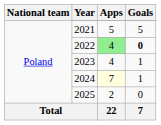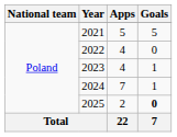 <table class="wikitable" style="text-align:center">
 <tr>
 <th>National team</th>
 <th>Year</th>
 <th>Apps</th>
 <th>Goals</th>
 </tr>
 <tr>
 <td rowspan="6"><a href='#'>Poland</a></td>
 </tr>
 <tr>
 <td>2021</td>
 <td>5</td>
 <td>5</td>
 </tr>
 <tr>
 <td>2022</td>
-<td style="background: lightgreen;">4</td>
-<td><strong>0</strong></td>
+<td>4</td>
+<td>0</td>
 </tr>
 <tr>
 <td>2023</td>
 <td>4</td>
 <td>1</td>
 </tr>
 <tr>
 <td>2024</td>
-<td style="background: lightyellow;">7</td>
+<td>7</td>
 <td>1</td>
 </tr>
 <tr>
 <td>2025</td>
 <td>2</td>
-<td>0</td>
+<td><strong>0</strong></td>
 </tr>
 <tr>
 <th colspan="2">Total</th>
 <th>22</th>
 <th>7</th>
 </tr>
 </table>
